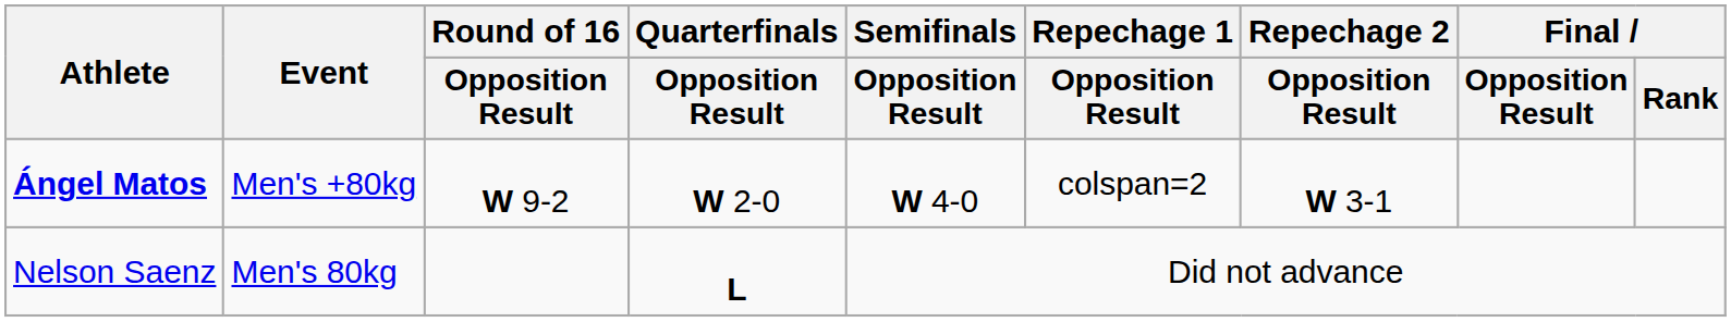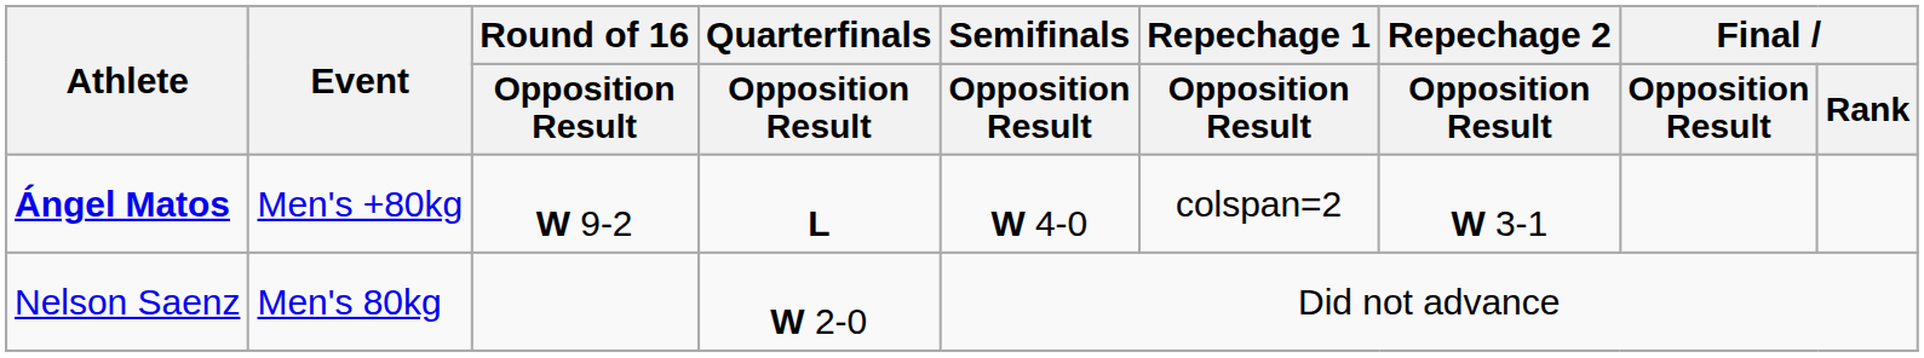 <table class="wikitable" style="font-size:90%;">
 <tr>
 <th rowspan=2>Athlete</th>
 <th rowspan=2>Event</th>
 <th>Round of 16</th>
 <th>Quarterfinals</th>
 <th>Semifinals</th>
 <th>Repechage 1</th>
 <th>Repechage 2</th>
 <th colspan=2>Final / </th>
 </tr>
 <tr style="font-size:95%">
 <th>Opposition<br>Result</th>
 <th>Opposition<br>Result</th>
 <th>Opposition<br>Result</th>
 <th>Opposition<br>Result</th>
 <th>Opposition<br>Result</th>
 <th>Opposition<br>Result</th>
 <th>Rank</th>
 </tr>
 <tr align=center>
 <td align=left><strong><a href='#'>Ángel Matos</a></strong></td>
 <td align=left><a href='#'>Men's +80kg</a></td>
 <td><br><strong>W</strong> 9-2</td>
-<td><br><strong>W</strong> 2-0</td>
+<td><br><strong>L </strong></td>
 <td><br><strong>W</strong> 4-0</td>
 <td>colspan=2 </td>
 <td><br><strong>W</strong> 3-1</td>
 <td></td>
 </tr>
 <tr align=center>
 <td align=left><a href='#'>Nelson Saenz</a></td>
 <td align=left><a href='#'>Men's 80kg</a></td>
 <td></td>
-<td><br><strong>L </strong></td>
+<td><br><strong>W</strong> 2-0</td>
 <td colspan=5>Did not advance</td>
 </tr>
 </table>
